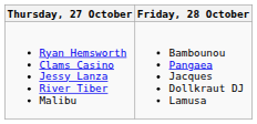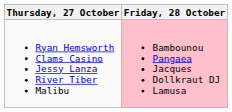 <table class="wikitable">
 <tr>
 <th>Thursday, 27 October</th>
 <th>Friday, 28 October</th>
 </tr>
 <tr valign="top">
 <td><br><ul><li><a href='#'>Ryan Hemsworth</a></li><li><a href='#'>Clams Casino</a></li><li><a href='#'>Jessy Lanza</a></li><li><a href='#'>River Tiber</a></li><li>Malibu</li></ul></td>
-<td><br><ul><li>Bambounou</li><li><a href='#'>Pangaea</a></li><li>Jacques</li><li>Dollkraut DJ</li><li>Lamusa</li></ul></td>
+<td style="background: pink;"><br><ul><li>Bambounou</li><li><a href='#'>Pangaea</a></li><li>Jacques</li><li>Dollkraut DJ</li><li>Lamusa</li></ul></td>
 </tr>
 </table>
